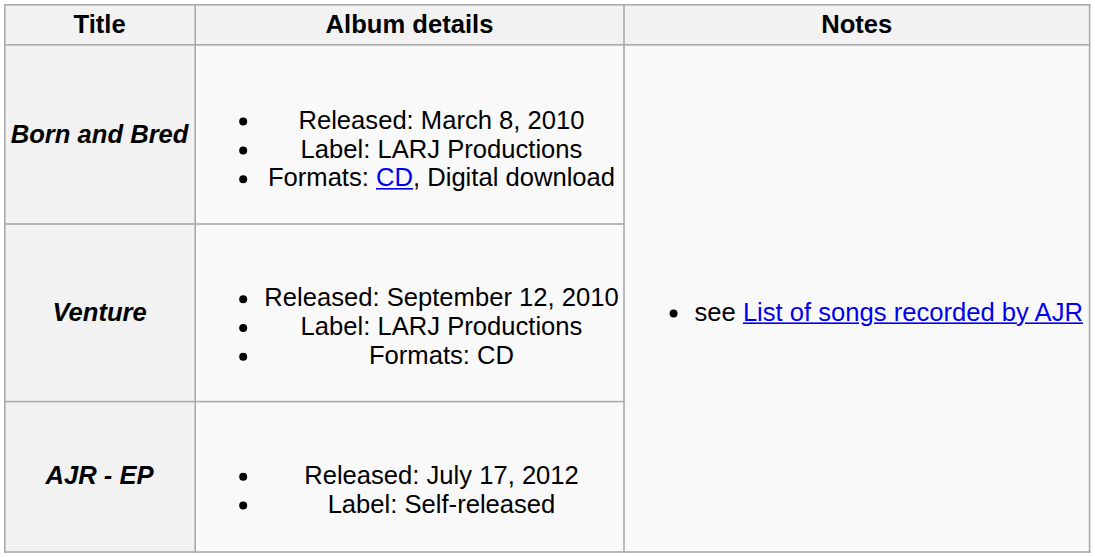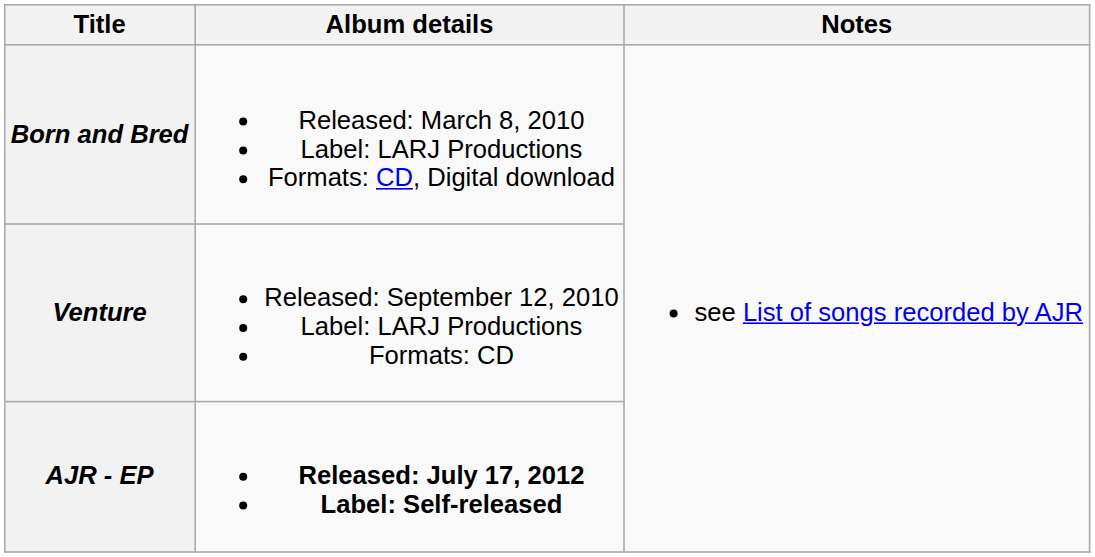 <table class="wikitable plainrowheaders" style="text-align:center;">
 <tr>
 <th scope="col">Title</th>
 <th scope="col">Album details</th>
 <th>Notes</th>
 </tr>
 <tr>
 <th scope="row"><em>Born and Bred</em></th>
 <td><br><ul><li>Released: March 8, 2010</li><li>Label: LARJ Productions</li><li>Formats: <a href='#'>CD</a>, Digital download</li></ul></td>
 <td rowspan="3"><br><ul><li>see <a href='#'>List of songs recorded by AJR</a></li></ul></td>
 </tr>
 <tr>
 <th scope="row"><em>Venture</em></th>
 <td><br><ul><li>Released: September 12, 2010</li><li>Label: LARJ Productions</li><li>Formats: CD</li></ul></td>
 </tr>
 <tr>
 <th scope="row"><em>AJR - EP</em></th>
-<td><br><ul><li>Released: July 17, 2012</li><li>Label: Self-released</li></ul></td>
+<td><strong><br><ul><li>Released: July 17, 2012</li><li>Label: Self-released</li></ul></strong></td>
 </tr>
 </table>
